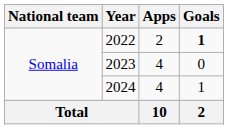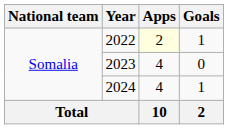 <table class="wikitable" style="text-align: center;">
 <tr>
 <th>National team</th>
 <th>Year</th>
 <th>Apps</th>
 <th>Goals</th>
 </tr>
 <tr>
 <td rowspan="3"><a href='#'>Somalia</a></td>
 <td>2022</td>
-<td>2</td>
-<td><strong>1</strong></td>
+<td style="background: lightyellow;">2</td>
+<td>1</td>
 </tr>
 <tr>
 <td>2023</td>
 <td>4</td>
 <td>0</td>
 </tr>
 <tr>
 <td>2024</td>
 <td>4</td>
 <td>1</td>
 </tr>
 <tr>
 <th colspan="2">Total</th>
 <th>10</th>
 <th>2</th>
 </tr>
 </table>
